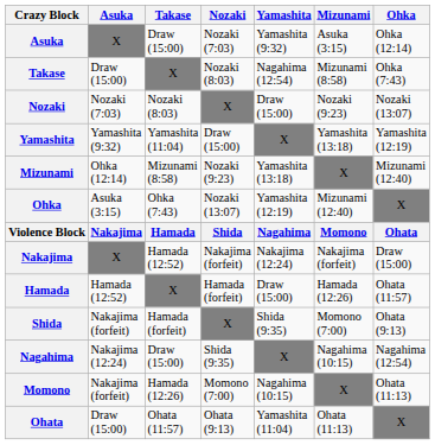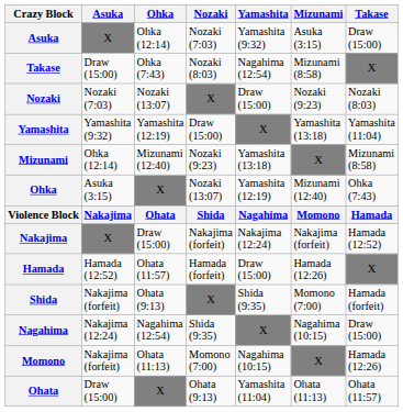 <table class="wikitable" align=center style="margin: 1em auto 1em auto">
 <tr>
 <th>Crazy Block</th>
 <th><a href='#'>Asuka</a></th>
-<th><a href='#'>Takase</a></th>
+<th><a href='#'>Ohka</a></th>
 <th><a href='#'>Nozaki</a></th>
 <th><a href='#'>Yamashita</a></th>
 <th><a href='#'>Mizunami</a></th>
-<th><a href='#'>Ohka</a></th>
+<th><a href='#'>Takase</a></th>
 </tr>
 <tr>
 <th><a href='#'>Asuka</a></th>
 <td bgcolor=grey align="center">X</td>
-<td>Draw<br>(15:00)</td>
+<td>Ohka<br>(12:14)</td>
 <td>Nozaki<br>(7:03)</td>
 <td>Yamashita<br>(9:32)</td>
 <td>Asuka<br>(3:15)</td>
-<td>Ohka<br>(12:14)</td>
+<td>Draw<br>(15:00)</td>
 </tr>
 <tr>
 <th><a href='#'>Takase</a></th>
 <td>Draw<br>(15:00)</td>
-<td bgcolor=grey align="center">X</td>
+<td>Ohka<br>(7:43)</td>
 <td>Nozaki<br>(8:03)</td>
 <td>Nagahima<br>(12:54)</td>
 <td>Mizunami<br>(8:58)</td>
-<td>Ohka<br>(7:43)</td>
+<td bgcolor=grey align="center">X</td>
 </tr>
 <tr>
 <th><a href='#'>Nozaki</a></th>
 <td>Nozaki<br>(7:03)</td>
-<td>Nozaki<br>(8:03)</td>
+<td>Nozaki<br>(13:07)</td>
 <td bgcolor=grey align="center">X</td>
 <td>Draw<br>(15:00)</td>
 <td>Nozaki<br>(9:23)</td>
-<td>Nozaki<br>(13:07)</td>
+<td>Nozaki<br>(8:03)</td>
 </tr>
 <tr>
 <th><a href='#'>Yamashita</a></th>
 <td>Yamashita<br>(9:32)</td>
-<td>Yamashita<br>(11:04)</td>
+<td>Yamashita<br>(12:19)</td>
 <td>Draw<br>(15:00)</td>
 <td bgcolor=grey align="center">X</td>
 <td>Yamashita<br>(13:18)</td>
-<td>Yamashita<br>(12:19)</td>
+<td>Yamashita<br>(11:04)</td>
 </tr>
 <tr>
 <th><a href='#'>Mizunami</a></th>
 <td>Ohka<br>(12:14)</td>
-<td>Mizunami<br>(8:58)</td>
+<td>Mizunami<br>(12:40)</td>
 <td>Nozaki<br>(9:23)</td>
 <td>Yamashita<br>(13:18)</td>
 <td bgcolor=grey align="center">X</td>
-<td>Mizunami<br>(12:40)</td>
+<td>Mizunami<br>(8:58)</td>
 </tr>
 <tr>
 <th><a href='#'>Ohka</a></th>
 <td>Asuka<br>(3:15)</td>
-<td>Ohka<br>(7:43)</td>
+<td bgcolor=grey align="center">X</td>
 <td>Nozaki<br>(13:07)</td>
 <td>Yamashita<br>(12:19)</td>
 <td>Mizunami<br>(12:40)</td>
-<td bgcolor=grey align="center">X</td>
+<td>Ohka<br>(7:43)</td>
 </tr>
 <tr>
 <th>Violence Block</th>
 <th><a href='#'>Nakajima</a></th>
-<th><a href='#'>Hamada</a></th>
+<th><a href='#'>Ohata</a></th>
 <th><a href='#'>Shida</a></th>
 <th><a href='#'>Nagahima</a></th>
 <th><a href='#'>Momono</a></th>
-<th><a href='#'>Ohata</a></th>
+<th><a href='#'>Hamada</a></th>
 </tr>
 <tr>
 <th><a href='#'>Nakajima</a></th>
 <td bgcolor=grey align="center">X</td>
-<td>Hamada<br>(12:52)</td>
+<td>Draw<br>(15:00)</td>
 <td>Nakajima<br>(forfeit)</td>
 <td>Nakajima<br>(12:24)</td>
 <td>Nakajima<br>(forfeit)</td>
-<td>Draw<br>(15:00)</td>
+<td>Hamada<br>(12:52)</td>
 </tr>
 <tr>
 <th><a href='#'>Hamada</a></th>
 <td>Hamada<br>(12:52)</td>
-<td bgcolor=grey align="center">X</td>
+<td>Ohata<br>(11:57)</td>
 <td>Hamada<br>(forfeit)</td>
 <td>Draw<br>(15:00)</td>
 <td>Hamada<br>(12:26)</td>
-<td>Ohata<br>(11:57)</td>
+<td bgcolor=grey align="center">X</td>
 </tr>
 <tr>
 <th><a href='#'>Shida</a></th>
 <td>Nakajima<br>(forfeit)</td>
-<td>Hamada<br>(forfeit)</td>
+<td>Ohata<br>(9:13)</td>
 <td bgcolor=grey align="center">X</td>
 <td>Shida<br>(9:35)</td>
 <td>Momono<br>(7:00)</td>
-<td>Ohata<br>(9:13)</td>
+<td>Hamada<br>(forfeit)</td>
 </tr>
 <tr>
 <th><a href='#'>Nagahima</a></th>
 <td>Nakajima<br>(12:24)</td>
-<td>Draw<br>(15:00)</td>
+<td>Nagahima<br>(12:54)</td>
 <td>Shida<br>(9:35)</td>
 <td bgcolor=grey align="center">X</td>
 <td>Nagahima<br>(10:15)</td>
-<td>Nagahima<br>(12:54)</td>
+<td>Draw<br>(15:00)</td>
 </tr>
 <tr>
 <th><a href='#'>Momono</a></th>
 <td>Nakajima<br>(forfeit)</td>
-<td>Hamada<br>(12:26)</td>
+<td>Ohata<br>(11:13)</td>
 <td>Momono<br>(7:00)</td>
 <td>Nagahima<br>(10:15)</td>
 <td bgcolor=grey align="center">X</td>
-<td>Ohata<br>(11:13)</td>
+<td>Hamada<br>(12:26)</td>
 </tr>
 <tr>
 <th><a href='#'>Ohata</a></th>
 <td>Draw<br>(15:00)</td>
-<td>Ohata<br>(11:57)</td>
+<td bgcolor=grey align="center">X</td>
 <td>Ohata<br>(9:13)</td>
 <td>Yamashita<br>(11:04)</td>
 <td>Ohata<br>(11:13)</td>
-<td bgcolor=grey align="center">X</td>
+<td>Ohata<br>(11:57)</td>
 </tr>
 </table>
